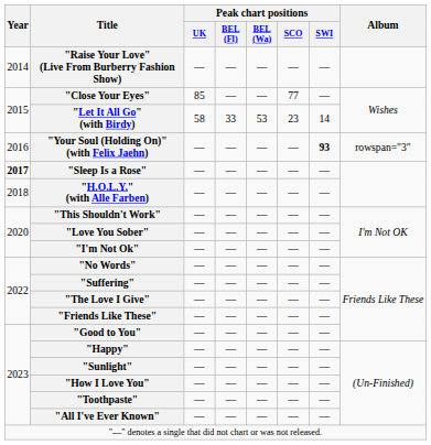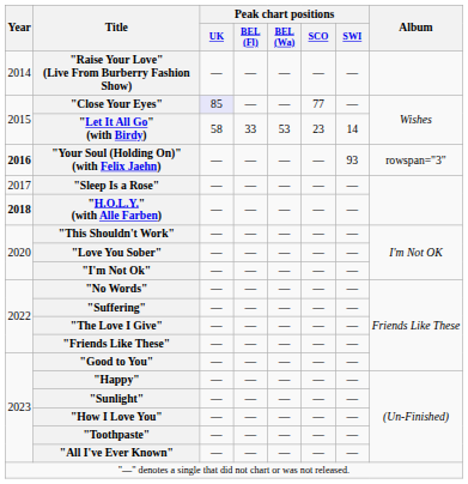 <table class="wikitable plainrowheaders" style="text-align:center;">
 <tr>
 <th scope="col" rowspan="2" style="width:1em;">Year</th>
 <th scope="col" rowspan="2" style="width:14em;">Title</th>
 <th scope="col" colspan="5">Peak chart positions</th>
 <th scope="col" rowspan="2">Album</th>
 </tr>
 <tr>
 <th scope="col" style="width:3em;font-size:85%;"><a href='#'>UK</a><br></th>
 <th scope="col" style="width:3em;font-size:85%;"><a href='#'>BEL (Fl)</a><br></th>
 <th scope="col" style="width:3em;font-size:85%;"><a href='#'>BEL (Wa)</a><br></th>
 <th scope="col" style="width:3em;font-size:85%;"><a href='#'>SCO</a><br></th>
 <th scope="col" style="width:3em;font-size:85%;"><a href='#'>SWI</a><br></th>
 </tr>
 <tr>
 <td>2014</td>
 <th scope="row">"Raise Your Love"<br><span>(Live From Burberry Fashion Show)</span></th>
 <td>—</td>
 <td>—</td>
 <td>—</td>
 <td>—</td>
 <td>—</td>
 <td></td>
 </tr>
 <tr>
 <td rowspan="2">2015</td>
 <th scope="row">"Close Your Eyes"</th>
-<td>85</td>
+<td style="background: lavender;">85</td>
 <td>—</td>
 <td>—</td>
 <td>77</td>
 <td>—</td>
 <td rowspan="2"><em>Wishes</em></td>
 </tr>
 <tr>
 <th scope="row">"<a href='#'>Let It All Go</a>"<br><span>(with <a href='#'>Birdy</a>)</span></th>
 <td>58</td>
 <td>33</td>
 <td>53</td>
 <td>23</td>
 <td>14</td>
 </tr>
 <tr>
-<td>2016</td>
+<td><strong>2016</strong></td>
 <th scope="row">"Your Soul (Holding On)"<br><span>(with <a href='#'>Felix Jaehn</a>)</span></th>
 <td>—</td>
 <td>—</td>
 <td>—</td>
 <td>—</td>
-<td><strong>93</strong></td>
+<td>93</td>
 <td>rowspan="3" </td>
 </tr>
 <tr>
-<td><strong>2017</strong></td>
+<td>2017</td>
 <th scope="row">"Sleep Is a Rose"</th>
 <td>—</td>
 <td>—</td>
 <td>—</td>
 <td>—</td>
 <td>—</td>
 </tr>
 <tr>
-<td>2018</td>
+<td><strong>2018</strong></td>
 <th scope="row">"<a href='#'>H.O.L.Y.</a>"<br><span>(with <a href='#'>Alle Farben</a>)</span></th>
 <td>—</td>
 <td>—</td>
 <td>—</td>
 <td>—</td>
 <td>—</td>
 </tr>
 <tr>
 <td rowspan="3">2020</td>
 <th scope="row">"This Shouldn't Work"</th>
 <td>—</td>
 <td>—</td>
 <td>—</td>
 <td>—</td>
 <td>—</td>
 <td rowspan="3"><em>I'm Not OK</em></td>
 </tr>
 <tr>
 <th scope="row">"Love You Sober"</th>
 <td>—</td>
 <td>—</td>
 <td>—</td>
 <td>—</td>
 <td>—</td>
 </tr>
 <tr>
 <th scope="row">"I'm Not Ok"</th>
 <td>—</td>
 <td>—</td>
 <td>—</td>
 <td>—</td>
 <td>—</td>
 </tr>
 <tr>
 <td rowspan="4">2022</td>
 <th scope="row">"No Words"</th>
 <td>—</td>
 <td>—</td>
 <td>—</td>
 <td>—</td>
 <td>—</td>
 <td rowspan="5"><em>Friends Like These</em></td>
 </tr>
 <tr>
 <th scope="row">"Suffering"</th>
 <td>—</td>
 <td>—</td>
 <td>—</td>
 <td>—</td>
 <td>—</td>
 </tr>
 <tr>
 <th scope="row">"The Love I Give"</th>
 <td>—</td>
 <td>—</td>
 <td>—</td>
 <td>—</td>
 <td>—</td>
 </tr>
 <tr>
 <th scope="row">"Friends Like These"</th>
 <td>—</td>
 <td>—</td>
 <td>—</td>
 <td>—</td>
 <td>—</td>
 </tr>
 <tr>
 <td rowspan="6">2023</td>
 <th scope="row">"Good to You"</th>
 <td>—</td>
 <td>—</td>
 <td>—</td>
 <td>—</td>
 <td>—</td>
 </tr>
 <tr>
 <th scope="row">"Happy"</th>
 <td>—</td>
 <td>—</td>
 <td>—</td>
 <td>—</td>
 <td>—</td>
 <td rowspan="5"><em>(Un-Finished)</em></td>
 </tr>
 <tr>
 <th scope="row">"Sunlight"</th>
 <td>—</td>
 <td>—</td>
 <td>—</td>
 <td>—</td>
 <td>—</td>
 </tr>
 <tr>
 <th scope="row">"How I Love You"</th>
 <td>—</td>
 <td>—</td>
 <td>—</td>
 <td>—</td>
 <td>—</td>
 </tr>
 <tr>
 <th scope="row">"Toothpaste"</th>
 <td>—</td>
 <td>—</td>
 <td>—</td>
 <td>—</td>
 <td>—</td>
 </tr>
 <tr>
 <th scope="row">"All I've Ever Known"</th>
 <td>—</td>
 <td>—</td>
 <td>—</td>
 <td>—</td>
 <td>—</td>
 </tr>
 <tr>
 <td colspan="20" style="font-size:85%">"—" denotes a single that did not chart or was not released.</td>
 </tr>
 </table>
